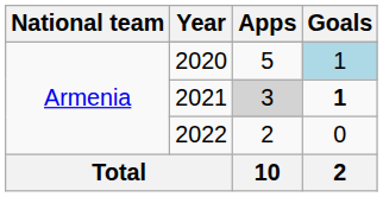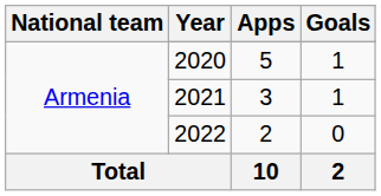 <table class="wikitable" style="text-align:center">
 <tr>
 <th>National team</th>
 <th>Year</th>
 <th>Apps</th>
 <th>Goals</th>
 </tr>
 <tr>
 <td rowspan="4"><a href='#'>Armenia</a></td>
 </tr>
 <tr>
 <td>2020</td>
 <td>5</td>
-<td style="background: lightblue;">1</td>
+<td>1</td>
 </tr>
 <tr>
 <td>2021</td>
-<td style="background: lightgrey;">3</td>
-<td><strong>1</strong></td>
+<td>3</td>
+<td>1</td>
 </tr>
 <tr>
 <td>2022</td>
 <td>2</td>
 <td>0</td>
 </tr>
 <tr>
 <th colspan="2">Total</th>
 <th>10</th>
 <th>2</th>
 </tr>
 </table>
